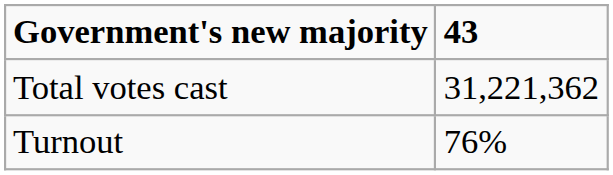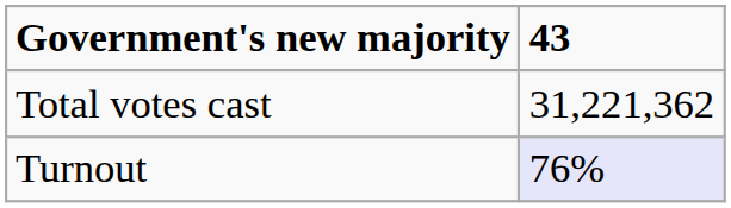 <table class="wikitable">
 <tr>
 <td><strong>Government's new majority</strong></td>
 <td><strong>43</strong></td>
 </tr>
 <tr>
 <td>Total votes cast</td>
 <td>31,221,362</td>
 </tr>
 <tr>
 <td>Turnout</td>
-<td>76%</td>
+<td style="background: lavender;">76%</td>
 </tr>
 </table>
